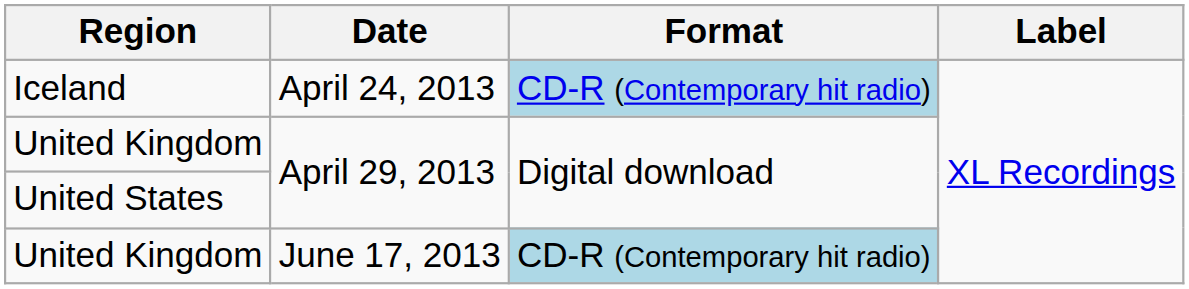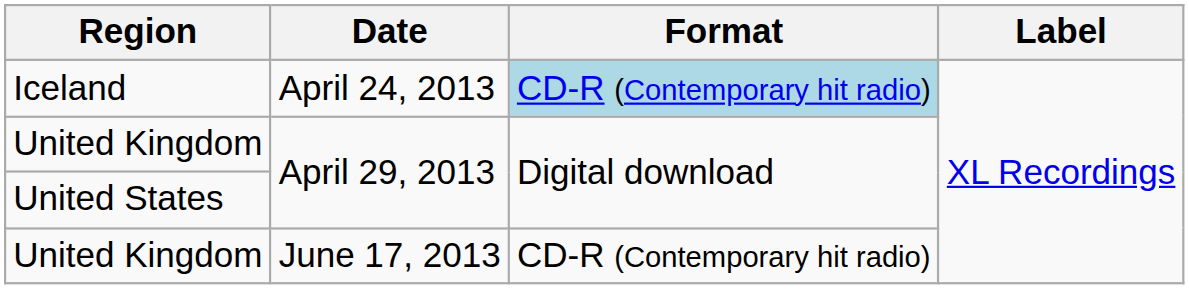 <table class="wikitable plainrowheaders">
 <tr>
 <th>Region</th>
 <th>Date</th>
 <th>Format</th>
 <th>Label</th>
 </tr>
 <tr>
 <td>Iceland</td>
 <td>April 24, 2013</td>
 <td style="background: lightblue;"><a href='#'>CD-R</a> <small>(<a href='#'>Contemporary hit radio</a>)</small></td>
 <td rowspan="4"><a href='#'>XL Recordings</a></td>
 </tr>
 <tr>
 <td>United Kingdom</td>
 <td rowspan="2">April 29, 2013</td>
 <td rowspan="2">Digital download</td>
 </tr>
 <tr>
 <td>United States</td>
 </tr>
 <tr>
 <td>United Kingdom</td>
 <td>June 17, 2013</td>
-<td style="background: lightblue;">CD-R <small>(Contemporary hit radio)</small></td>
+<td>CD-R <small>(Contemporary hit radio)</small></td>
 </tr>
 </table>
